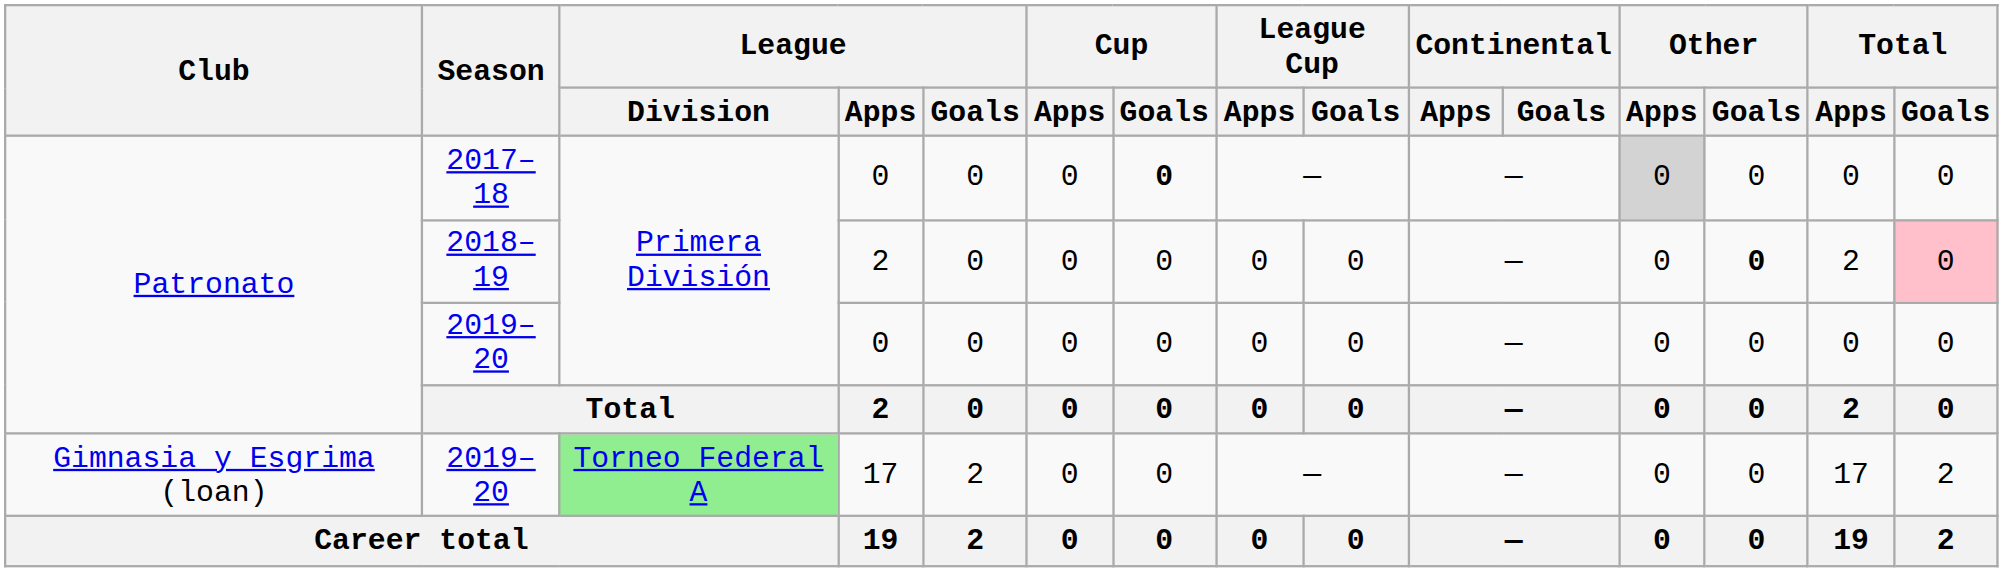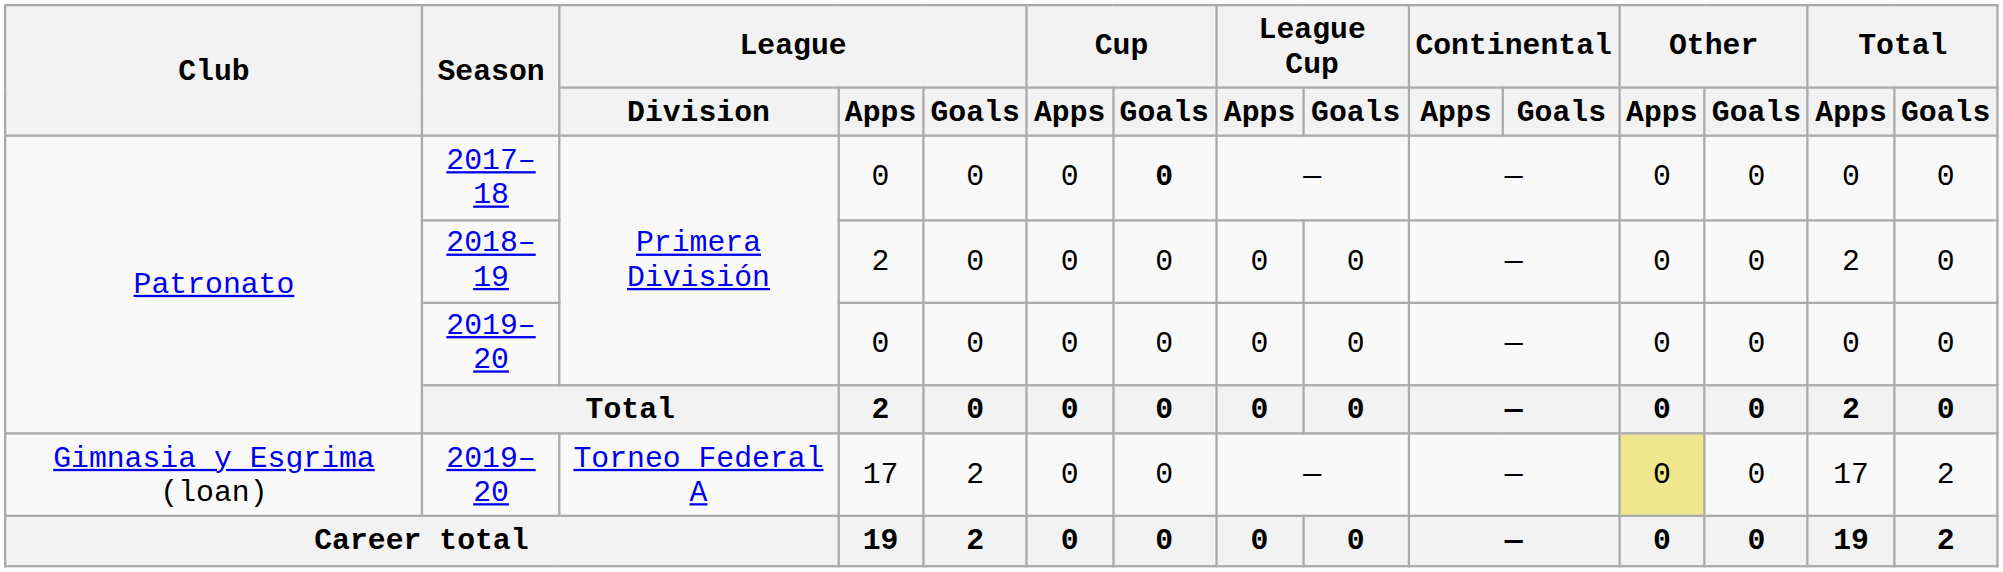 <table class="wikitable" style="text-align:center">
 <tr>
 <th rowspan="2">Club</th>
 <th rowspan="2">Season</th>
 <th colspan="3">League</th>
 <th colspan="2">Cup</th>
 <th colspan="2">League Cup</th>
 <th colspan="2">Continental</th>
 <th colspan="2">Other</th>
 <th colspan="2">Total</th>
 </tr>
 <tr>
 <th>Division</th>
 <th>Apps</th>
 <th>Goals</th>
 <th>Apps</th>
 <th>Goals</th>
 <th>Apps</th>
 <th>Goals</th>
 <th>Apps</th>
 <th>Goals</th>
 <th>Apps</th>
 <th>Goals</th>
 <th>Apps</th>
 <th>Goals</th>
 </tr>
 <tr>
 <td rowspan="4"><a href='#'>Patronato</a></td>
 <td><a href='#'>2017–18</a></td>
 <td rowspan="3"><a href='#'>Primera División</a></td>
 <td>0</td>
 <td>0</td>
 <td>0</td>
 <td><strong>0</strong></td>
 <td colspan="2">—</td>
 <td colspan="2">—</td>
-<td style="background: lightgrey;">0</td>
+<td>0</td>
 <td>0</td>
 <td>0</td>
 <td>0</td>
 </tr>
 <tr>
 <td><a href='#'>2018–19</a></td>
 <td>2</td>
 <td>0</td>
 <td>0</td>
 <td>0</td>
 <td>0</td>
 <td>0</td>
 <td colspan="2">—</td>
 <td>0</td>
-<td><strong>0</strong></td>
+<td>0</td>
 <td>2</td>
-<td style="background: pink;">0</td>
+<td>0</td>
 </tr>
 <tr>
 <td><a href='#'>2019–20</a></td>
 <td>0</td>
 <td>0</td>
 <td>0</td>
 <td>0</td>
 <td>0</td>
 <td>0</td>
 <td colspan="2">—</td>
 <td>0</td>
 <td>0</td>
 <td>0</td>
 <td>0</td>
 </tr>
 <tr>
 <th colspan="2">Total</th>
 <th>2</th>
 <th>0</th>
 <th>0</th>
 <th>0</th>
 <th>0</th>
 <th>0</th>
 <th colspan="2">—</th>
 <th>0</th>
 <th>0</th>
 <th>2</th>
 <th>0</th>
 </tr>
 <tr>
 <td rowspan="1"><a href='#'>Gimnasia y Esgrima</a> (loan)</td>
 <td><a href='#'>2019–20</a></td>
-<td rowspan="1" style="background: lightgreen;"><a href='#'>Torneo Federal A</a></td>
+<td rowspan="1"><a href='#'>Torneo Federal A</a></td>
 <td>17</td>
 <td>2</td>
 <td>0</td>
 <td>0</td>
 <td colspan="2">—</td>
 <td colspan="2">—</td>
-<td>0</td>
+<td style="background: khaki;">0</td>
 <td>0</td>
 <td>17</td>
 <td>2</td>
 </tr>
 <tr>
 <th colspan="3">Career total</th>
 <th>19</th>
 <th>2</th>
 <th>0</th>
 <th>0</th>
 <th>0</th>
 <th>0</th>
 <th colspan="2">—</th>
 <th>0</th>
 <th>0</th>
 <th>19</th>
 <th>2</th>
 </tr>
 </table>
